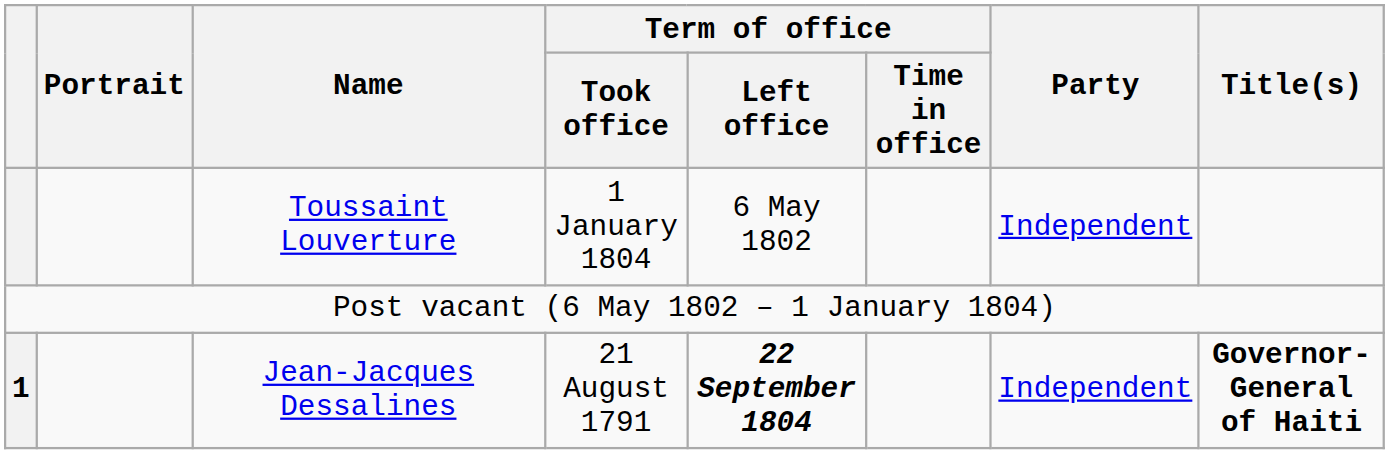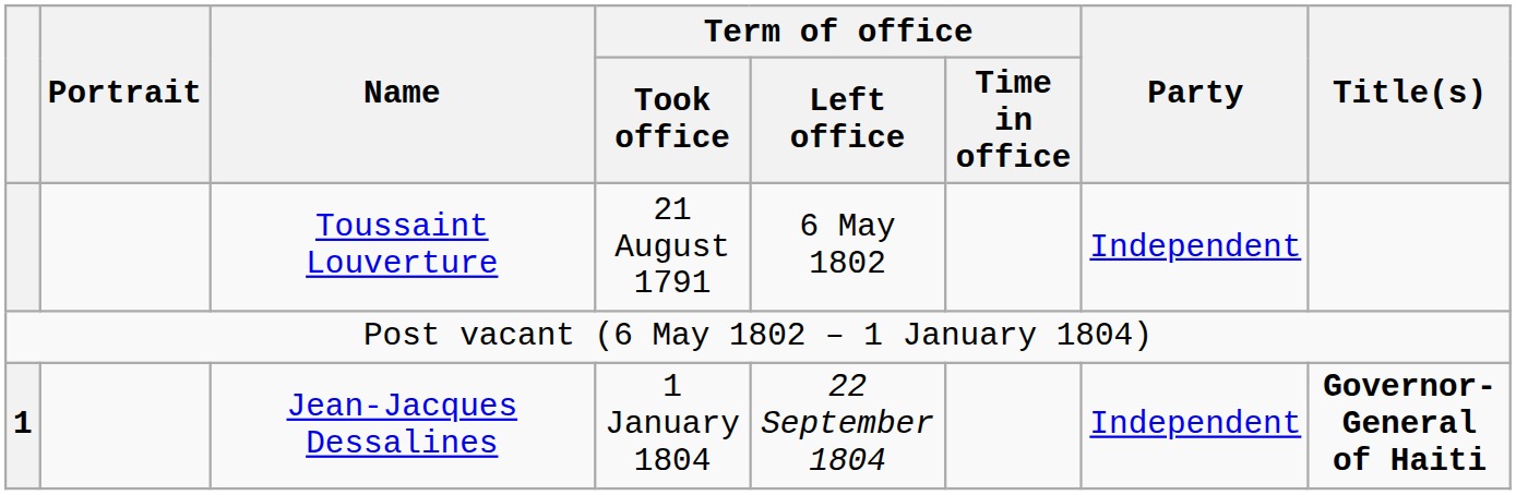 <table class="wikitable" style="text-align:center">
 <tr>
 <th rowspan="2"></th>
 <th rowspan="2">Portrait</th>
 <th rowspan="2" width="150">Name<br></th>
 <th colspan="3">Term of office</th>
 <th rowspan="2">Party</th>
 <th rowspan="2">Title(s)</th>
 </tr>
 <tr>
 <th>Took office</th>
 <th>Left office</th>
 <th>Time in office</th>
 </tr>
 <tr>
 <th style="background:"></th>
 <td></td>
 <td><a href='#'>Toussaint Louverture</a><br></td>
-<td>1 January 1804</td>
+<td>21 August 1791</td>
 <td>6 May 1802</td>
 <td></td>
 <td><a href='#'>Independent</a></td>
 <td></td>
 </tr>
 <tr>
 <td colspan="8">Post vacant (6 May 1802 – 1 January 1804)</td>
 </tr>
 <tr>
 <th style="background:">1</th>
 <td></td>
 <td><a href='#'>Jean-Jacques Dessalines</a><br></td>
-<td>21 August 1791</td>
-<td><strong><em>22 September 1804</em></strong></td>
+<td>1 January 1804</td>
+<td><em>22 September 1804</em></td>
 <td></td>
 <td><a href='#'>Independent</a></td>
 <td><strong>Governor-General of Haiti</strong></td>
 </tr>
 </table>
